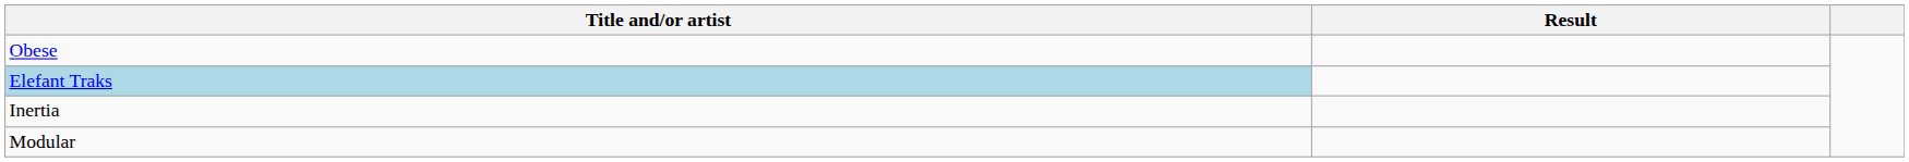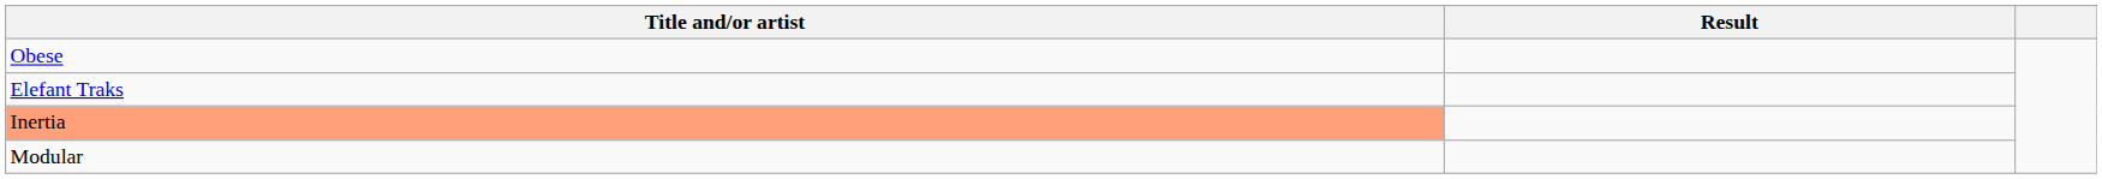 <table class="wikitable" width="100%">
 <tr>
 <th scope="col">Title and/or artist</th>
 <th scope="col">Result</th>
 <th scope="col"></th>
 </tr>
 <tr>
 <td><a href='#'>Obese</a></td>
 <td></td>
 <td rowspan="4"></td>
 </tr>
 <tr>
-<td style="background: lightblue;"><a href='#'>Elefant Traks</a></td>
+<td><a href='#'>Elefant Traks</a></td>
 <td></td>
 </tr>
 <tr>
-<td>Inertia</td>
+<td style="background: lightsalmon;">Inertia</td>
 <td></td>
 </tr>
 <tr>
 <td>Modular</td>
 <td></td>
 </tr>
 </table>
